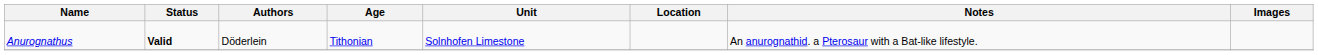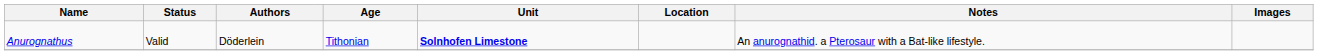 <table class="wikitable sortable" align="center" width="100%">
 <tr>
 <th>Name</th>
 <th>Status</th>
 <th colspan="2">Authors</th>
 <th>Age</th>
 <th>Unit</th>
 <th>Location</th>
 <th>Notes</th>
 <th>Images</th>
 </tr>
 <tr>
 <td><br><em><a href='#'>Anurognathus</a></em></td>
-<td><strong><br>Valid</strong></td>
+<td><br>Valid</td>
 <td style="border-right:0px" valign="top"><br>Döderlein</td>
 <td style="border-left:0px" valign="top"></td>
 <td><br><a href='#'>Tithonian</a></td>
-<td><br><a href='#'>Solnhofen Limestone</a></td>
+<td><strong><br><a href='#'>Solnhofen Limestone</a></strong></td>
 <td><br></td>
 <td><br>An <a href='#'>anurognathid</a>. a <a href='#'>Pterosaur</a> with a Bat-like lifestyle.</td>
 <td></td>
 </tr>
 <tr>
 </tr>
 </table>
